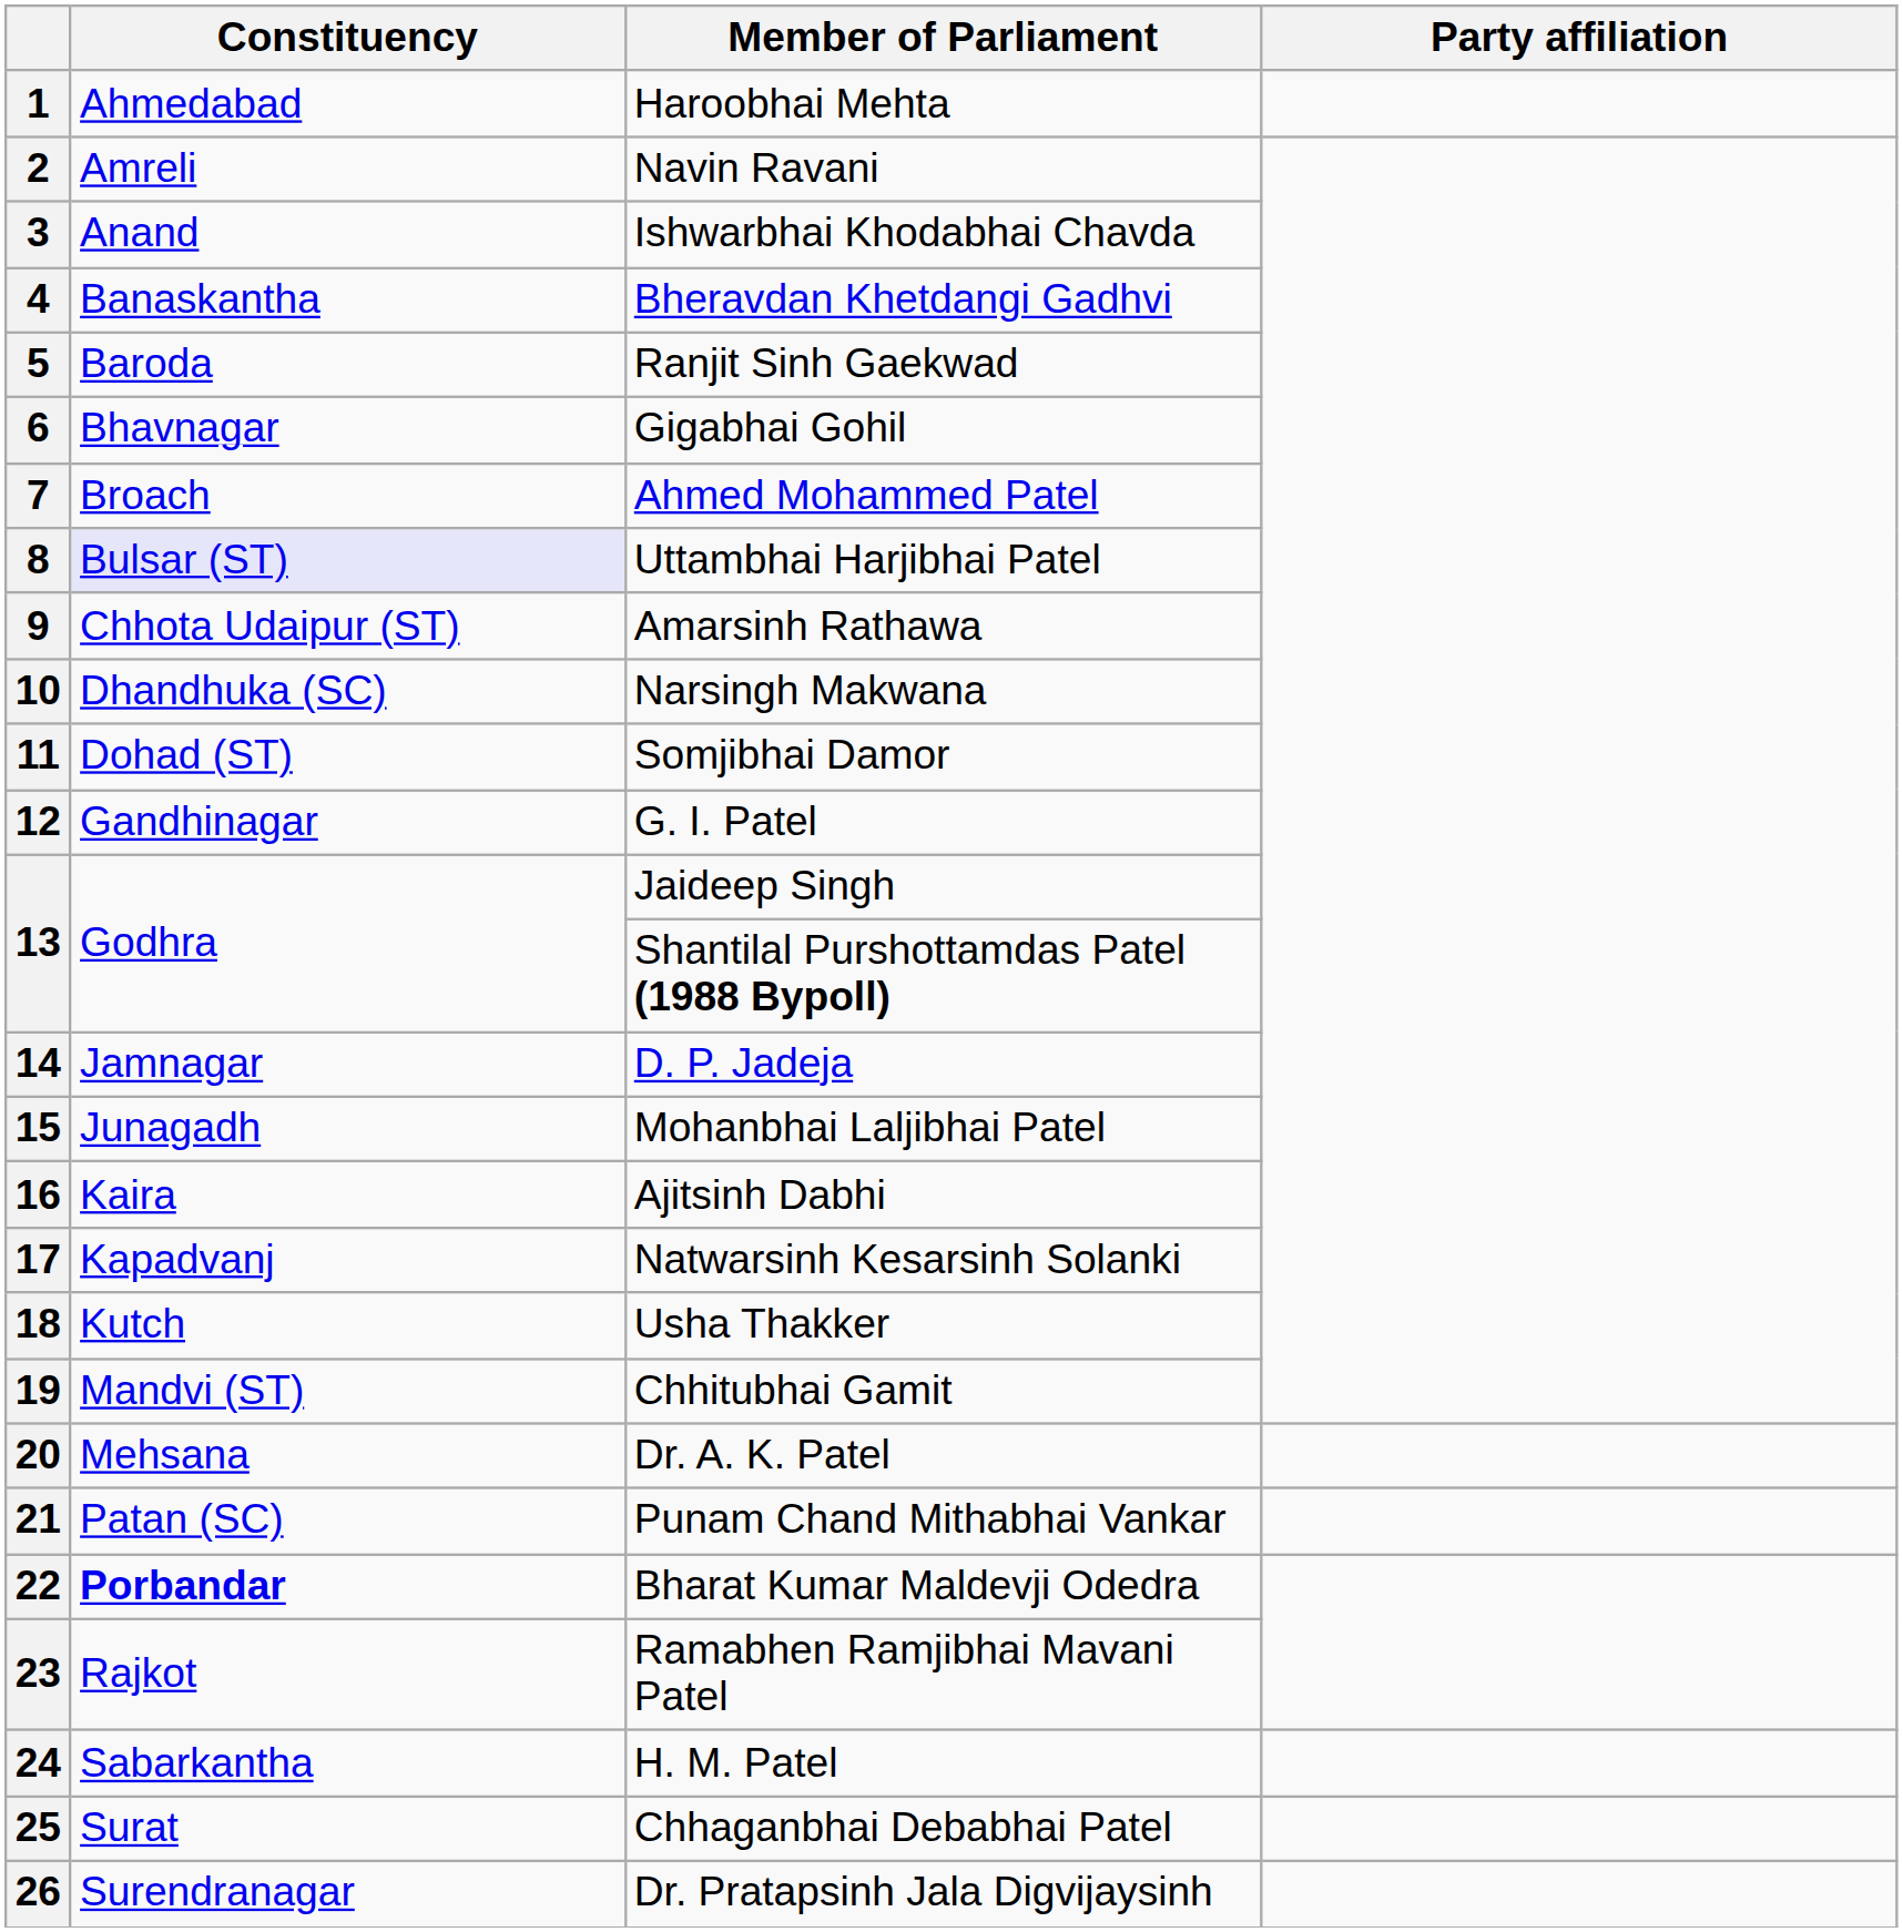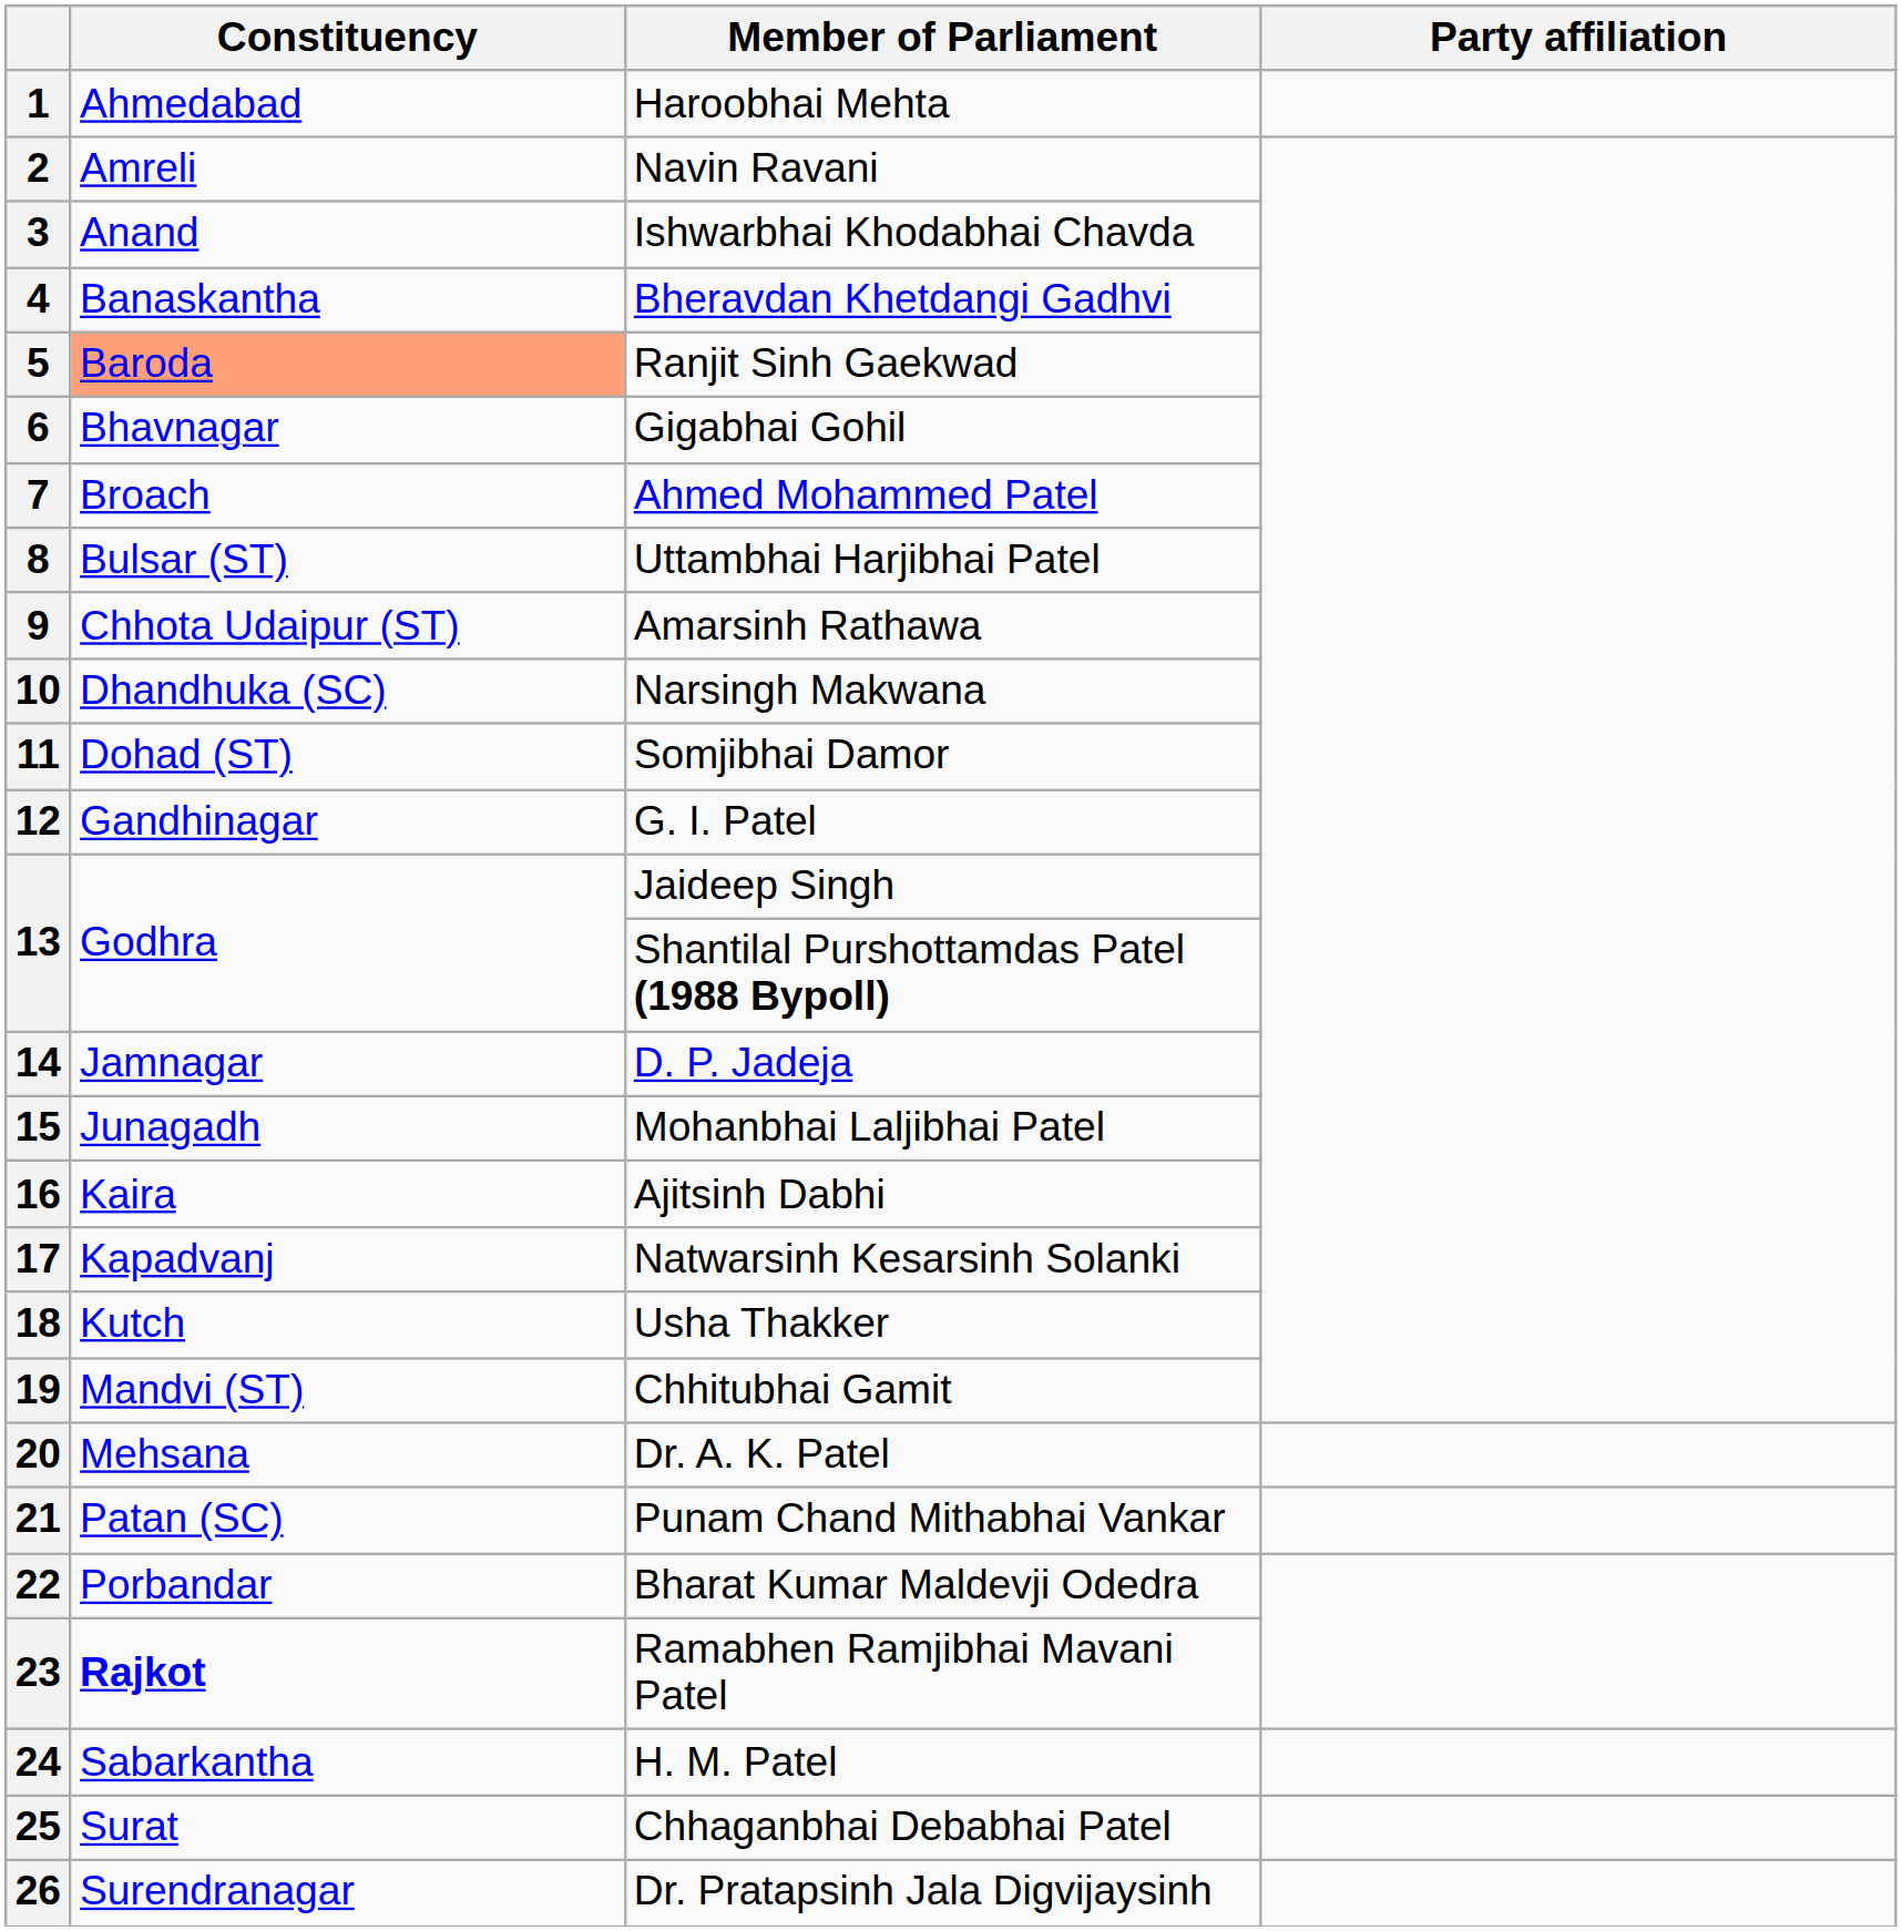 <table class="wikitable sortable">
 <tr style="text-align:center;">
 <th></th>
 <th style="width:13em">Constituency</th>
 <th style="width:15em">Member of Parliament</th>
 <th colspan="2" style="width:15em">Party affiliation</th>
 </tr>
 <tr>
 <th>1</th>
 <td><a href='#'>Ahmedabad</a></td>
 <td>Haroobhai Mehta</td>
 <td></td>
 </tr>
 <tr>
 <th>2</th>
 <td><a href='#'>Amreli</a></td>
 <td>Navin Ravani</td>
 </tr>
 <tr>
 <th>3</th>
 <td><a href='#'>Anand</a></td>
 <td>Ishwarbhai Khodabhai Chavda</td>
 </tr>
 <tr>
 <th>4</th>
 <td><a href='#'>Banaskantha</a></td>
 <td><a href='#'>Bheravdan Khetdangi Gadhvi</a></td>
 </tr>
 <tr>
 <th>5</th>
-<td><a href='#'>Baroda</a></td>
+<td style="background: lightsalmon;"><a href='#'>Baroda</a></td>
 <td>Ranjit Sinh Gaekwad</td>
 </tr>
 <tr>
 <th>6</th>
 <td><a href='#'>Bhavnagar</a></td>
 <td>Gigabhai Gohil</td>
 </tr>
 <tr>
 <th>7</th>
 <td><a href='#'>Broach</a></td>
 <td><a href='#'>Ahmed Mohammed Patel</a></td>
 </tr>
 <tr>
 <th>8</th>
-<td style="background: lavender;"><a href='#'>Bulsar (ST)</a></td>
+<td><a href='#'>Bulsar (ST)</a></td>
 <td>Uttambhai Harjibhai Patel</td>
 </tr>
 <tr>
 <th>9</th>
 <td><a href='#'>Chhota Udaipur (ST)</a></td>
 <td>Amarsinh Rathawa</td>
 </tr>
 <tr>
 <th>10</th>
 <td><a href='#'>Dhandhuka (SC)</a></td>
 <td>Narsingh Makwana</td>
 </tr>
 <tr>
 <th>11</th>
 <td><a href='#'>Dohad (ST)</a></td>
 <td>Somjibhai Damor</td>
 </tr>
 <tr>
 <th>12</th>
 <td><a href='#'>Gandhinagar</a></td>
 <td>G. I. Patel</td>
 </tr>
 <tr>
 <th rowspan=2>13</th>
 <td rowspan=2><a href='#'>Godhra</a></td>
 <td>Jaideep Singh</td>
 </tr>
 <tr>
 <td>Shantilal Purshottamdas Patel <strong>(1988 Bypoll)</strong></td>
 </tr>
 <tr>
 <th>14</th>
 <td><a href='#'>Jamnagar</a></td>
 <td><a href='#'>D. P. Jadeja</a></td>
 </tr>
 <tr>
 <th>15</th>
 <td><a href='#'>Junagadh</a></td>
 <td>Mohanbhai Laljibhai Patel</td>
 </tr>
 <tr>
 <th>16</th>
 <td><a href='#'>Kaira</a></td>
 <td>Ajitsinh Dabhi</td>
 </tr>
 <tr>
 <th>17</th>
 <td><a href='#'>Kapadvanj</a></td>
 <td>Natwarsinh Kesarsinh Solanki</td>
 </tr>
 <tr>
 <th>18</th>
 <td><a href='#'>Kutch</a></td>
 <td>Usha Thakker</td>
 </tr>
 <tr>
 <th>19</th>
 <td><a href='#'>Mandvi (ST)</a></td>
 <td>Chhitubhai Gamit</td>
 </tr>
 <tr>
 <th>20</th>
 <td><a href='#'>Mehsana</a></td>
 <td>Dr. A. K. Patel</td>
 <td></td>
 </tr>
 <tr>
 <th>21</th>
 <td><a href='#'>Patan (SC)</a></td>
 <td>Punam Chand Mithabhai Vankar</td>
 <td></td>
 </tr>
 <tr>
 <th>22</th>
-<td><strong><a href='#'>Porbandar</a></strong></td>
+<td><a href='#'>Porbandar</a></td>
 <td>Bharat Kumar Maldevji Odedra</td>
 </tr>
 <tr>
 <th>23</th>
-<td><a href='#'>Rajkot</a></td>
+<td><strong><a href='#'>Rajkot</a></strong></td>
 <td>Ramabhen Ramjibhai Mavani Patel</td>
 </tr>
 <tr>
 <th>24</th>
 <td><a href='#'>Sabarkantha</a></td>
 <td>H. M. Patel</td>
 <td></td>
 </tr>
 <tr>
 <th>25</th>
 <td><a href='#'>Surat</a></td>
 <td>Chhaganbhai Debabhai Patel</td>
 <td></td>
 </tr>
 <tr>
 <th>26</th>
 <td><a href='#'>Surendranagar</a></td>
 <td>Dr. Pratapsinh Jala Digvijaysinh</td>
 </tr>
 <tr>
 </tr>
 </table>
